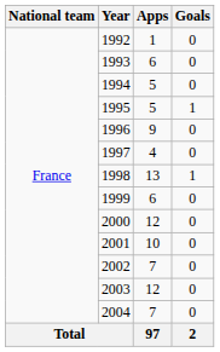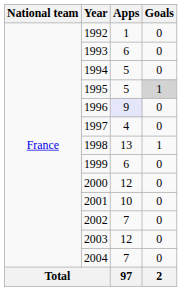 <table class="wikitable" style="text-align:center">
 <tr>
 <th>National team</th>
 <th>Year</th>
 <th>Apps</th>
 <th>Goals</th>
 </tr>
 <tr>
 <td rowspan="13"><a href='#'>France</a></td>
 <td>1992</td>
 <td>1</td>
 <td>0</td>
 </tr>
 <tr>
 <td>1993</td>
 <td>6</td>
 <td>0</td>
 </tr>
 <tr>
 <td>1994</td>
 <td>5</td>
 <td>0</td>
 </tr>
 <tr>
 <td>1995</td>
 <td>5</td>
-<td>1</td>
+<td style="background: lightgrey;">1</td>
 </tr>
 <tr>
 <td>1996</td>
-<td>9</td>
+<td style="background: lavender;">9</td>
 <td>0</td>
 </tr>
 <tr>
 <td>1997</td>
 <td>4</td>
 <td>0</td>
 </tr>
 <tr>
 <td>1998</td>
 <td>13</td>
 <td>1</td>
 </tr>
 <tr>
 <td>1999</td>
 <td>6</td>
 <td>0</td>
 </tr>
 <tr>
 <td>2000</td>
 <td>12</td>
 <td>0</td>
 </tr>
 <tr>
 <td>2001</td>
 <td>10</td>
 <td>0</td>
 </tr>
 <tr>
 <td>2002</td>
 <td>7</td>
 <td>0</td>
 </tr>
 <tr>
 <td>2003</td>
 <td>12</td>
 <td>0</td>
 </tr>
 <tr>
 <td>2004</td>
 <td>7</td>
 <td>0</td>
 </tr>
 <tr>
 <th colspan="2">Total</th>
 <th>97</th>
 <th>2</th>
 </tr>
 </table>
